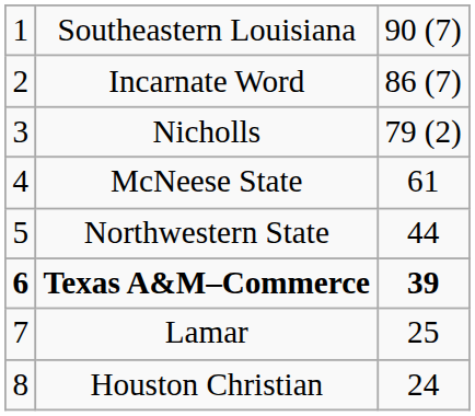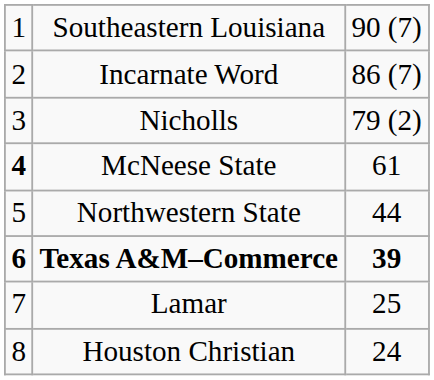 <table class="wikitable">
 <tr align="center">
 <td>1</td>
 <td>Southeastern Louisiana</td>
 <td>90 (7)</td>
 </tr>
 <tr align="center">
 <td>2</td>
 <td>Incarnate Word</td>
 <td>86 (7)</td>
 </tr>
 <tr align="center">
 <td>3</td>
 <td>Nicholls</td>
 <td>79 (2)</td>
 </tr>
 <tr align="center">
-<td>4</td>
+<td><strong>4</strong></td>
 <td>McNeese State</td>
 <td>61</td>
 </tr>
 <tr align="center">
 <td>5</td>
 <td>Northwestern State</td>
 <td>44</td>
 </tr>
 <tr align="center">
 <td><strong>6</strong></td>
 <td><strong>Texas A&M–Commerce</strong></td>
 <td><strong>39</strong></td>
 </tr>
 <tr align="center">
 <td>7</td>
 <td>Lamar</td>
 <td>25</td>
 </tr>
 <tr align="center">
 <td>8</td>
 <td>Houston Christian</td>
 <td>24</td>
 </tr>
 </table>
